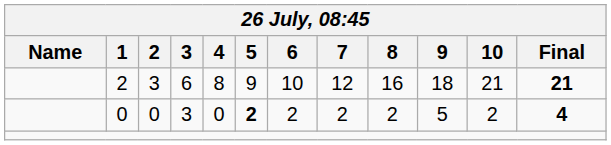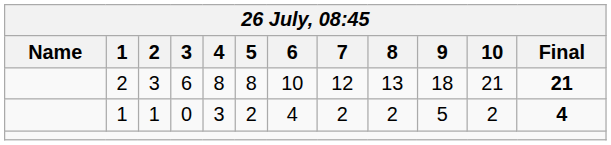 <table class=wikitable style="text-align:center; width: 55%">
 <tr>
 <th colspan=17><em>26 July, 08:45</em></th>
 </tr>
 <tr>
 <th>Name</th>
 <th>1</th>
 <th>2</th>
 <th>3</th>
 <th>4</th>
 <th>5</th>
 <th>6</th>
 <th>7</th>
 <th>8</th>
 <th>9</th>
 <th>10</th>
 <th>Final</th>
 </tr>
 <tr>
 <td align=left><strong></strong></td>
 <td>2</td>
 <td>3</td>
 <td>6</td>
 <td>8</td>
-<td>9</td>
+<td>8</td>
 <td>10</td>
 <td>12</td>
-<td>16</td>
+<td>13</td>
 <td>18</td>
 <td>21</td>
 <td><strong>21</strong></td>
 </tr>
 <tr>
 <td align=left></td>
-<td>0</td>
+<td>1</td>
+<td>1</td>
 <td>0</td>
 <td>3</td>
-<td>0</td>
-<td><strong>2</strong></td>
 <td>2</td>
+<td>4</td>
 <td>2</td>
 <td>2</td>
 <td>5</td>
 <td>2</td>
 <td><strong>4</strong></td>
 </tr>
 <tr>
 <td colspan=17></td>
 </tr>
 </table>
